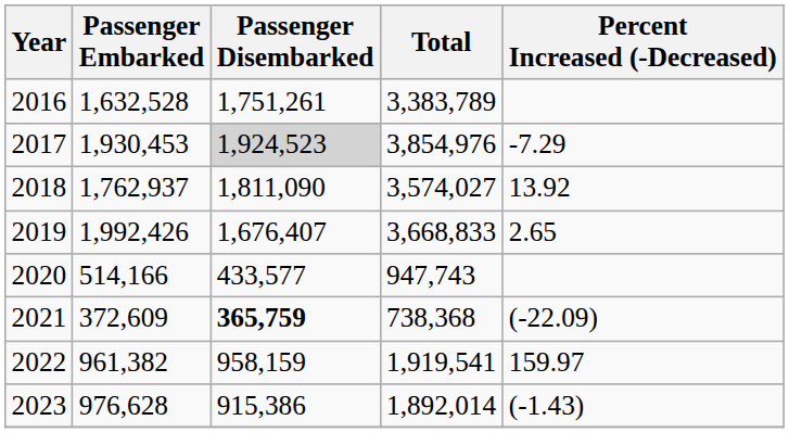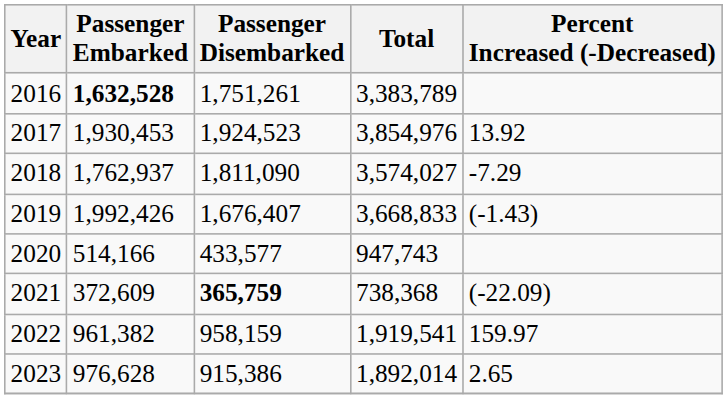 <table class="wikitable sortable">
 <tr>
 <th>Year</th>
 <th>Passenger<br>Embarked</th>
 <th>Passenger<br>Disembarked</th>
 <th>Total</th>
 <th>Percent<br>Increased (-Decreased)</th>
 </tr>
 <tr>
 <td>2016</td>
-<td>1,632,528</td>
+<td><strong>1,632,528</strong></td>
 <td>1,751,261</td>
 <td>3,383,789</td>
 <td></td>
 </tr>
 <tr>
 <td>2017</td>
 <td>1,930,453</td>
-<td style="background: lightgrey;">1,924,523</td>
+<td>1,924,523</td>
 <td>3,854,976</td>
-<td>-7.29</td>
+<td>13.92</td>
 </tr>
 <tr>
 <td>2018</td>
 <td>1,762,937</td>
 <td>1,811,090</td>
 <td>3,574,027</td>
-<td>13.92</td>
+<td>-7.29</td>
 </tr>
 <tr>
 <td>2019</td>
 <td>1,992,426</td>
 <td>1,676,407</td>
 <td>3,668,833</td>
-<td>2.65</td>
+<td>(-1.43)</td>
 </tr>
 <tr>
 <td>2020</td>
 <td>514,166</td>
 <td>433,577</td>
 <td>947,743</td>
 <td></td>
 </tr>
 <tr>
 <td>2021</td>
 <td>372,609</td>
 <td><strong>365,759</strong></td>
 <td>738,368</td>
 <td>(-22.09)</td>
 </tr>
 <tr>
 <td>2022</td>
 <td>961,382</td>
 <td>958,159</td>
 <td>1,919,541</td>
 <td>159.97</td>
 </tr>
 <tr>
 <td>2023</td>
 <td>976,628</td>
 <td>915,386</td>
 <td>1,892,014</td>
-<td>(-1.43)</td>
+<td>2.65</td>
 </tr>
 <tr>
 </tr>
 </table>
